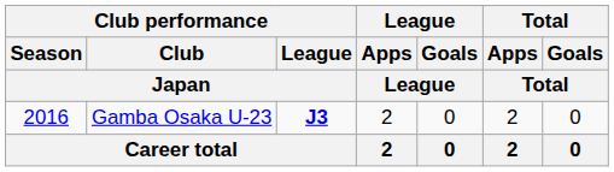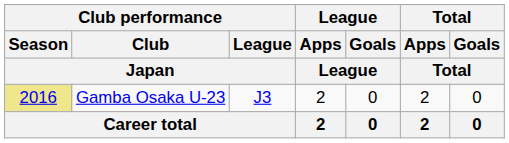 <table class="wikitable" style="text-align:center">
 <tr>
 <th colspan=3>Club performance</th>
 <th colspan=2>League</th>
 <th colspan=2>Total</th>
 </tr>
 <tr>
 <th>Season</th>
 <th>Club</th>
 <th>League</th>
 <th>Apps</th>
 <th>Goals</th>
 <th>Apps</th>
 <th>Goals</th>
 </tr>
 <tr>
 <th colspan=3>Japan</th>
 <th colspan=2>League</th>
 <th colspan=2>Total</th>
 </tr>
 <tr>
-<td><a href='#'>2016</a></td>
+<td style="background: khaki;"><a href='#'>2016</a></td>
 <td><a href='#'>Gamba Osaka U-23</a></td>
-<td><strong><a href='#'>J3</a></strong></td>
+<td><a href='#'>J3</a></td>
 <td>2</td>
 <td>0</td>
 <td>2</td>
 <td>0</td>
 </tr>
 <tr>
 <th colspan=3>Career total</th>
 <th>2</th>
 <th>0</th>
 <th>2</th>
 <th>0</th>
 </tr>
 </table>
